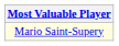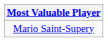 <table class=wikitable style="text-align:center">
 <tr>
 <th><a href='#'>Most Valuable Player</a></th>
 </tr>
 <tr>
-<td style="background: lightyellow;"> <a href='#'>Mario Saint-Supery</a></td>
+<td> <a href='#'>Mario Saint-Supery</a></td>
 </tr>
 </table>
